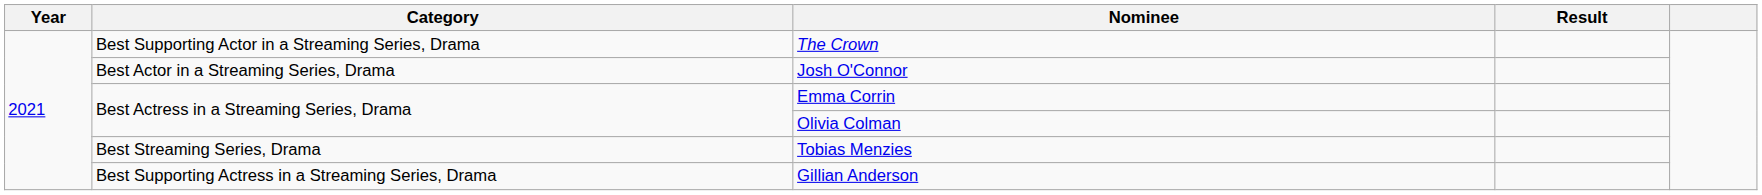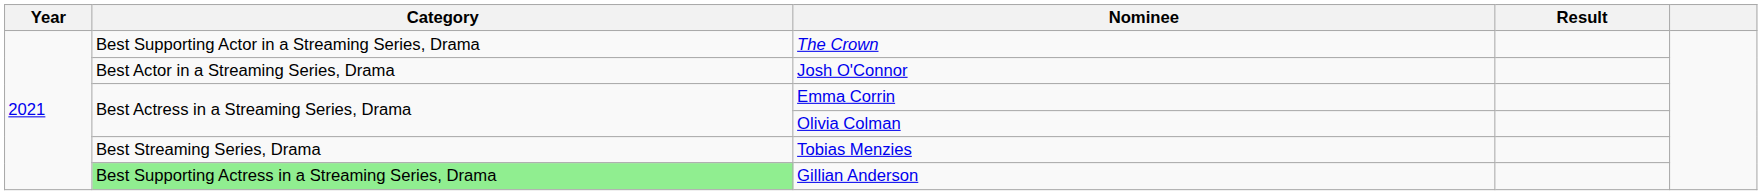 <table class="wikitable" style="width:85%;">
 <tr>
 <th width=5%>Year</th>
 <th style="width:40%;">Category</th>
 <th style="width:40%;">Nominee</th>
 <th style="width:10%;">Result</th>
 <th width=5%></th>
 </tr>
 <tr>
 <td vstyle="text-align: center;"rowspan="6"><a href='#'>2021</a></td>
 <td>Best Supporting Actor in a Streaming Series, Drama</td>
 <td><em><a href='#'>The Crown</a></em></td>
 <td></td>
 <td rowspan="6"> </td>
 </tr>
 <tr>
 <td>Best Actor in a Streaming Series, Drama</td>
 <td><a href='#'>Josh O'Connor</a></td>
 <td></td>
 </tr>
 <tr>
 <td vstyle="text-align: center;"rowspan="2">Best Actress in a Streaming Series, Drama</td>
 <td><a href='#'>Emma Corrin</a></td>
 <td></td>
 </tr>
 <tr>
 <td><a href='#'>Olivia Colman</a></td>
 <td></td>
 </tr>
 <tr>
 <td>Best Streaming Series, Drama</td>
 <td><a href='#'>Tobias Menzies</a></td>
 <td></td>
 </tr>
 <tr>
-<td>Best Supporting Actress in a Streaming Series, Drama</td>
+<td style="background: lightgreen;">Best Supporting Actress in a Streaming Series, Drama</td>
 <td><a href='#'>Gillian Anderson</a></td>
 <td></td>
 </tr>
 </table>
